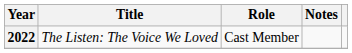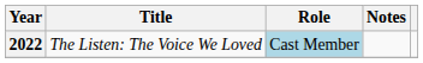 <table class="wikitable  plainrowheaders">
 <tr>
 <th scope="col">Year</th>
 <th scope="col">Title</th>
 <th scope="col">Role</th>
 <th scope="col">Notes</th>
 <th scope="col" class="unsortable"></th>
 </tr>
 <tr>
 <th scope="row">2022</th>
 <td><em>The Listen: The Voice We Loved</em></td>
-<td>Cast Member</td>
+<td style="background: lightblue;">Cast Member</td>
 <td></td>
 <td></td>
 </tr>
 <tr>
 </tr>
 </table>
